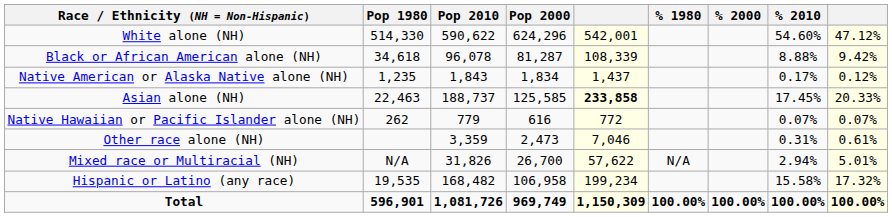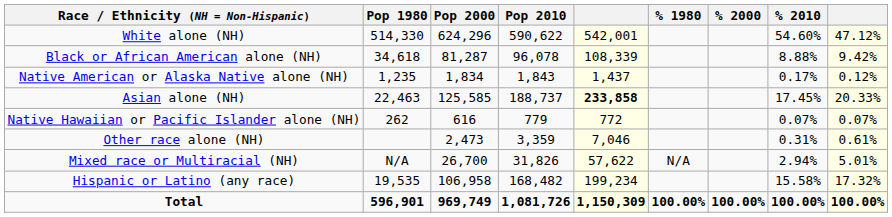 <table class="wikitable"  style="text-align:center;">
 <tr>
 <th>Race / Ethnicity <small>(<em>NH = Non-Hispanic</em>)</small></th>
 <th>Pop 1980</th>
+<th>Pop 2000</th>
 <th>Pop 2010</th>
-<th>Pop 2000</th>
 <th></th>
 <th>% 1980</th>
 <th>% 2000</th>
 <th>% 2010</th>
 <th></th>
 </tr>
 <tr>
 <td><a href='#'>White</a> alone (NH)</td>
 <td>514,330</td>
+<td>624,296</td>
 <td>590,622</td>
-<td>624,296</td>
 <td style='background: #ffffe6;'>542,001</td>
 <td></td>
 <td></td>
 <td>54.60%</td>
 <td style='background: #ffffe6;'>47.12%</td>
 </tr>
 <tr>
 <td><a href='#'>Black or African American</a> alone (NH)</td>
 <td>34,618</td>
+<td>81,287</td>
 <td>96,078</td>
-<td>81,287</td>
 <td style='background: #ffffe6;'>108,339</td>
 <td></td>
 <td></td>
 <td>8.88%</td>
 <td style='background: #ffffe6;'>9.42%</td>
 </tr>
 <tr>
 <td><a href='#'>Native American</a> or <a href='#'>Alaska Native</a> alone (NH)</td>
 <td>1,235</td>
+<td>1,834</td>
 <td>1,843</td>
-<td>1,834</td>
 <td style='background: #ffffe6;'>1,437</td>
 <td></td>
 <td></td>
 <td>0.17%</td>
 <td style='background: #ffffe6;'>0.12%</td>
 </tr>
 <tr>
 <td><a href='#'>Asian</a> alone (NH)</td>
 <td>22,463</td>
+<td>125,585</td>
 <td>188,737</td>
-<td>125,585</td>
 <td style='background: #ffffe6;'><strong>233,858</strong></td>
 <td></td>
 <td></td>
 <td>17.45%</td>
 <td style='background: #ffffe6;'>20.33%</td>
 </tr>
 <tr>
 <td><a href='#'>Native Hawaiian</a> or <a href='#'>Pacific Islander</a> alone (NH)</td>
 <td>262</td>
+<td>616</td>
 <td>779</td>
-<td>616</td>
 <td style='background: #ffffe6;'>772</td>
 <td></td>
 <td></td>
 <td>0.07%</td>
 <td style='background: #ffffe6;'>0.07%</td>
 </tr>
 <tr>
 <td><a href='#'>Other race</a> alone (NH)</td>
 <td></td>
+<td>2,473</td>
 <td>3,359</td>
-<td>2,473</td>
 <td style='background: #ffffe6;'>7,046</td>
 <td></td>
 <td></td>
 <td>0.31%</td>
 <td style='background: #ffffe6;'>0.61%</td>
 </tr>
 <tr>
 <td><a href='#'>Mixed race or Multiracial</a> (NH)</td>
 <td>N/A</td>
+<td>26,700</td>
 <td>31,826</td>
-<td>26,700</td>
 <td style='background: #ffffe6;'>57,622</td>
 <td>N/A</td>
 <td></td>
 <td>2.94%</td>
 <td style='background: #ffffe6;'>5.01%</td>
 </tr>
 <tr>
 <td><a href='#'>Hispanic or Latino</a> (any race)</td>
 <td>19,535</td>
+<td>106,958</td>
 <td>168,482</td>
-<td>106,958</td>
 <td style='background: #ffffe6;'>199,234</td>
 <td></td>
 <td></td>
 <td>15.58%</td>
 <td style='background: #ffffe6;'>17.32%</td>
 </tr>
 <tr>
 <td><strong>Total</strong></td>
 <td><strong>596,901</strong></td>
+<td><strong>969,749</strong></td>
 <td><strong>1,081,726</strong></td>
-<td><strong>969,749</strong></td>
 <td style='background: #ffffe6;'><strong>1,150,309</strong></td>
 <td><strong>100.00%</strong></td>
 <td><strong>100.00%</strong></td>
 <td><strong>100.00%</strong></td>
 <td style='background: #ffffe6;'><strong>100.00%</strong></td>
 </tr>
 </table>
